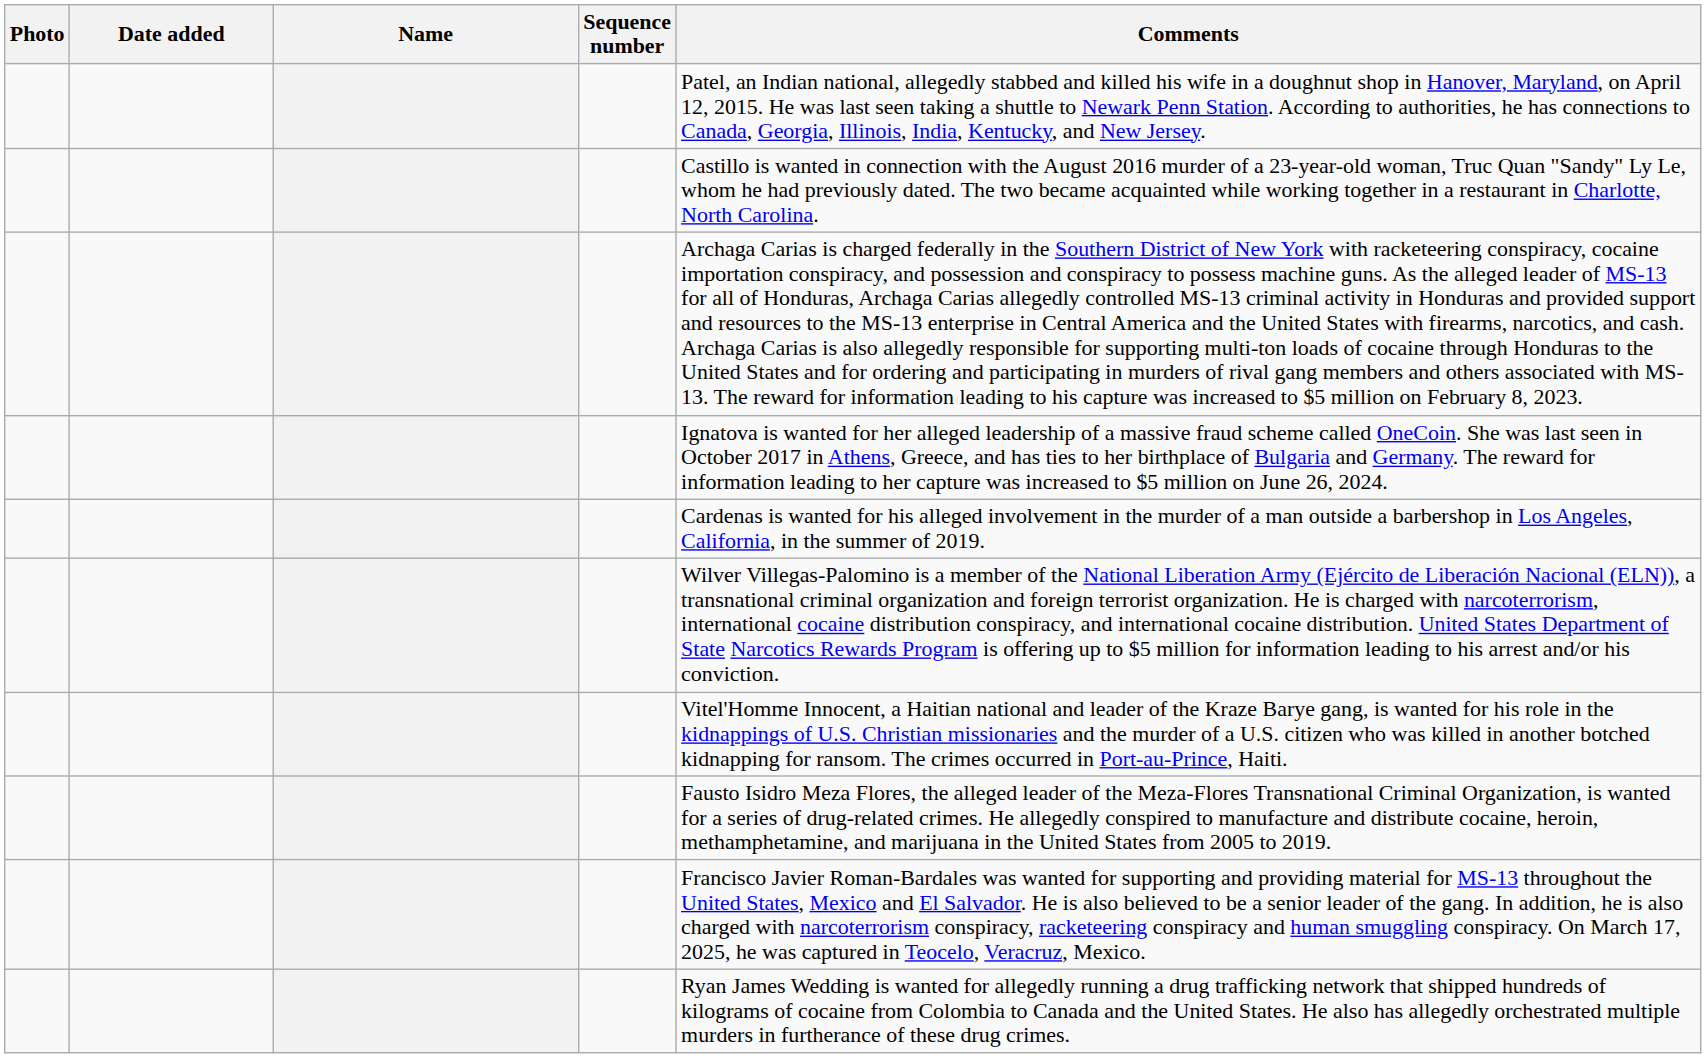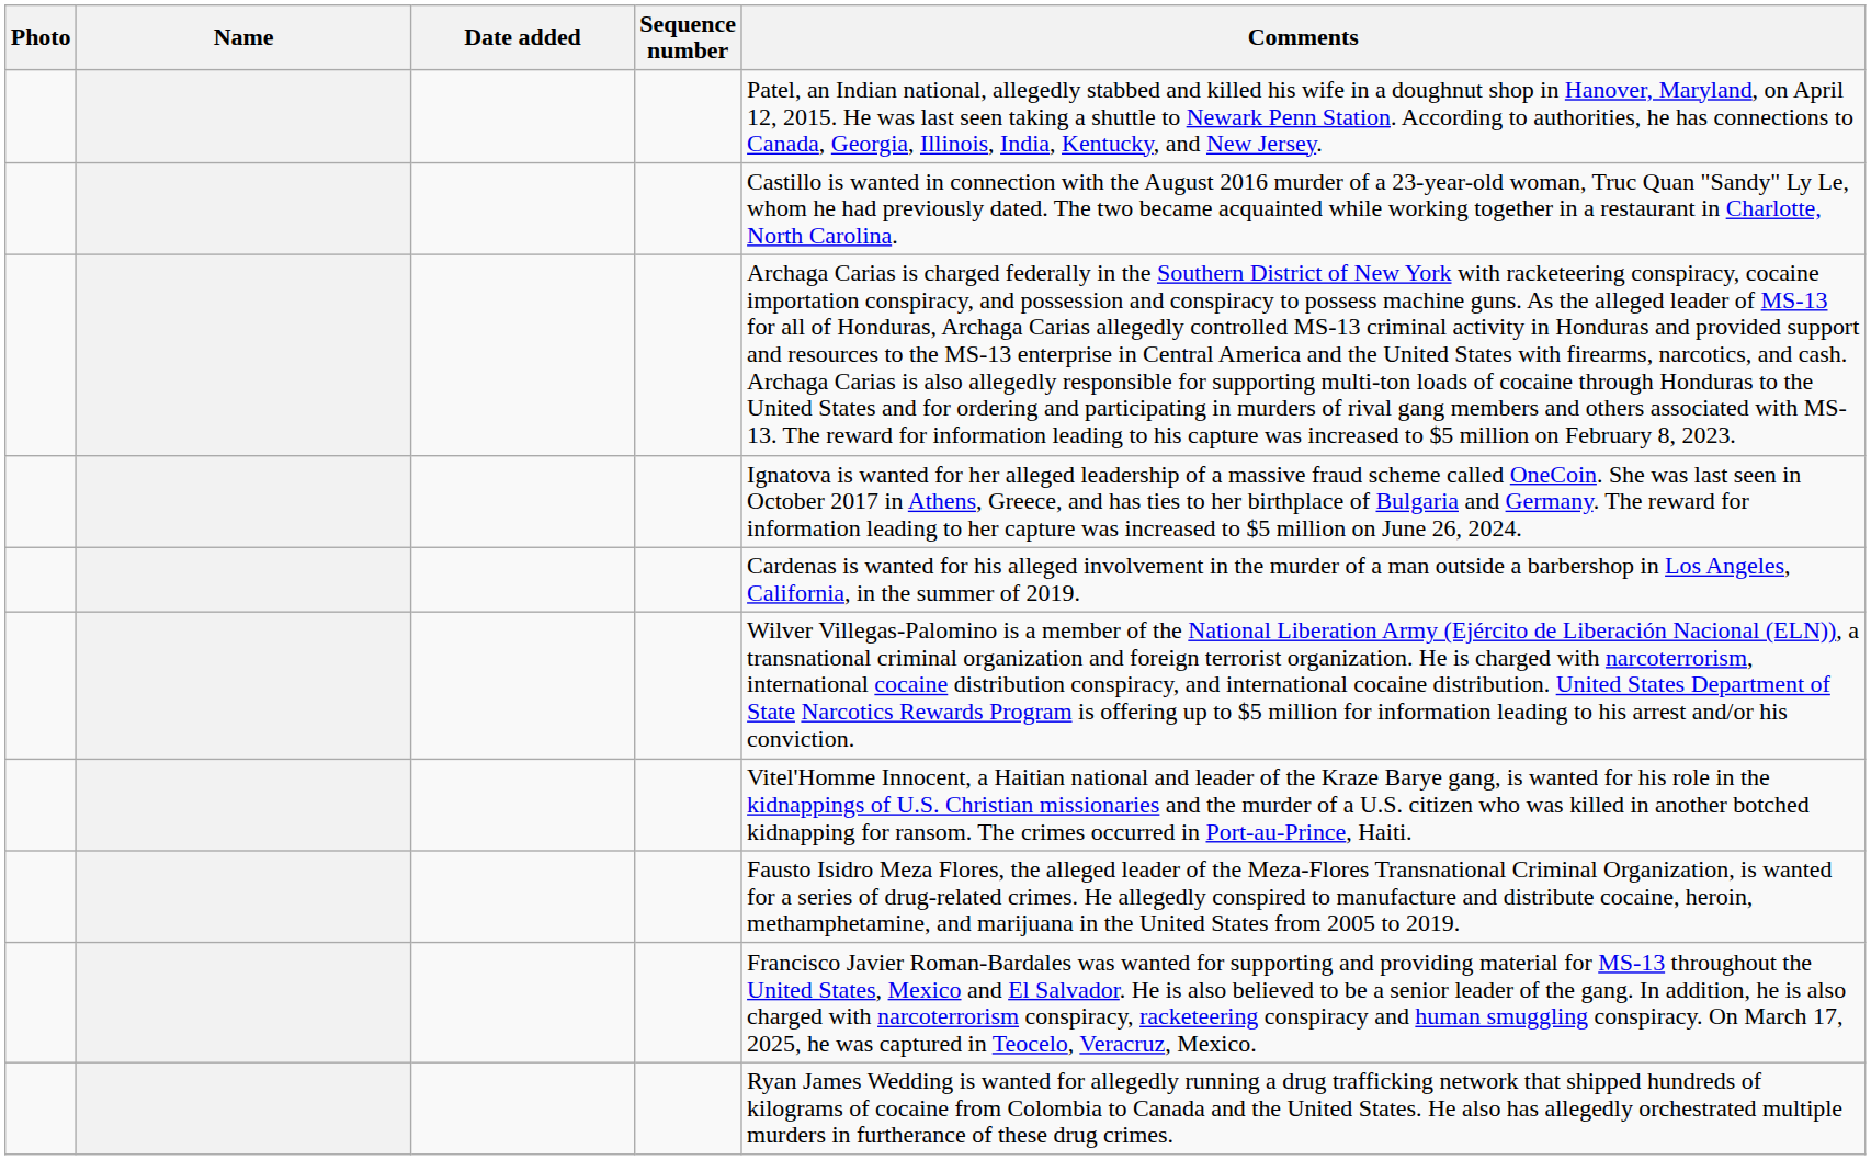 <table class="wikitable plainrowheaders" style="width:98%;">
 <tr>
 <th>Photo</th>
+<th scope="col" style="width:18%;">Name</th>
 <th scope="col" style="width:12%;">Date added</th>
-<th scope="col" style="width:18%;">Name</th>
 <th scope="col" style="width:3%;">Sequence<br>number</th>
 <th scope="col">Comments</th>
 </tr>
 <tr>
 <td></td>
+<th scope="row"></th>
 <td></td>
-<th scope="row"></th>
 <td></td>
 <td>Patel, an Indian national, allegedly stabbed and killed his wife in a doughnut shop in <a href='#'>Hanover, Maryland</a>, on April 12, 2015. He was last seen taking a shuttle to <a href='#'>Newark Penn Station</a>. According to authorities, he has connections to <a href='#'>Canada</a>, <a href='#'>Georgia</a>, <a href='#'>Illinois</a>, <a href='#'>India</a>, <a href='#'>Kentucky</a>, and <a href='#'>New Jersey</a>.</td>
 </tr>
 <tr>
 <td></td>
+<th scope="row"></th>
 <td></td>
-<th scope="row"></th>
 <td></td>
 <td>Castillo is wanted in connection with the August 2016 murder of a 23-year-old woman, Truc Quan "Sandy" Ly Le, whom he had previously dated. The two became acquainted while working together in a restaurant in <a href='#'>Charlotte, North Carolina</a>.</td>
 </tr>
 <tr>
 <td></td>
+<th scope="row"></th>
 <td></td>
-<th scope="row"></th>
 <td></td>
 <td>Archaga Carias is charged federally in the <a href='#'>Southern District of New York</a> with racketeering conspiracy, cocaine importation conspiracy, and possession and conspiracy to possess machine guns. As the alleged leader of <a href='#'>MS-13</a> for all of Honduras, Archaga Carias allegedly controlled MS-13 criminal activity in Honduras and provided support and resources to the MS-13 enterprise in Central America and the United States with firearms, narcotics, and cash. Archaga Carias is also allegedly responsible for supporting multi-ton loads of cocaine through Honduras to the United States and for ordering and participating in murders of rival gang members and others associated with MS-13. The reward for information leading to his capture was increased to $5 million on February 8, 2023.</td>
 </tr>
 <tr>
 <td></td>
+<th scope="row"></th>
 <td></td>
-<th scope="row"></th>
 <td></td>
 <td>Ignatova is wanted for her alleged leadership of a massive fraud scheme called <a href='#'>OneCoin</a>. She was last seen in October 2017 in <a href='#'>Athens</a>, Greece, and has ties to her birthplace of <a href='#'>Bulgaria</a> and <a href='#'>Germany</a>. The reward for information leading to her capture was increased to $5 million on June 26, 2024.</td>
 </tr>
 <tr>
 <td></td>
+<th scope="row"></th>
 <td></td>
-<th scope="row"></th>
 <td></td>
 <td>Cardenas is wanted for his alleged involvement in the murder of a man outside a barbershop in <a href='#'>Los Angeles</a>, <a href='#'>California</a>, in the summer of 2019.</td>
 </tr>
 <tr>
 <td></td>
+<th scope="row"></th>
 <td></td>
-<th scope="row"></th>
 <td></td>
 <td>Wilver Villegas-Palomino is a member of the <a href='#'>National Liberation Army (Ejército de Liberación Nacional (ELN))</a>, a transnational criminal organization and foreign terrorist organization. He is charged with <a href='#'>narcoterrorism</a>, international <a href='#'>cocaine</a> distribution conspiracy, and international cocaine distribution. <a href='#'>United States Department of State</a> <a href='#'>Narcotics Rewards Program</a> is offering up to $5 million for information leading to his arrest and/or his conviction.</td>
 </tr>
 <tr>
 <td></td>
+<th scope="row"></th>
 <td></td>
-<th scope="row"></th>
 <td></td>
 <td>Vitel'Homme Innocent, a Haitian national and leader of the Kraze Barye gang, is wanted for his role in the <a href='#'>kidnappings of U.S. Christian missionaries</a> and the murder of a U.S. citizen who was killed in another botched kidnapping for ransom. The crimes occurred in <a href='#'>Port-au-Prince</a>, Haiti.</td>
 </tr>
 <tr>
 <td></td>
+<th scope="row"></th>
 <td></td>
-<th scope="row"></th>
 <td></td>
 <td>Fausto Isidro Meza Flores, the alleged leader of the Meza-Flores Transnational Criminal Organization, is wanted for a series of drug-related crimes. He allegedly conspired to manufacture and distribute cocaine, heroin, methamphetamine, and marijuana in the United States from 2005 to 2019.</td>
 </tr>
 <tr>
 <td></td>
+<th scope="row"></th>
 <td></td>
-<th scope="row"></th>
 <td></td>
 <td>Francisco Javier Roman-Bardales was wanted for supporting and providing material for <a href='#'>MS-13</a> throughout the <a href='#'>United States</a>, <a href='#'>Mexico</a> and <a href='#'>El Salvador</a>. He is also believed to be a senior leader of the gang. In addition, he is also charged with <a href='#'>narcoterrorism</a> conspiracy, <a href='#'>racketeering</a> conspiracy and <a href='#'>human smuggling</a> conspiracy. On March 17, 2025, he was captured in <a href='#'>Teocelo</a>, <a href='#'>Veracruz</a>, Mexico.</td>
 </tr>
 <tr>
 <td></td>
+<th scope="row"></th>
 <td></td>
-<th scope="row"></th>
 <td></td>
 <td>Ryan James Wedding is wanted for allegedly running a drug trafficking network that shipped hundreds of kilograms of cocaine from Colombia to Canada and the United States. He also has allegedly orchestrated multiple murders in furtherance of these drug crimes.</td>
 </tr>
 </table>
